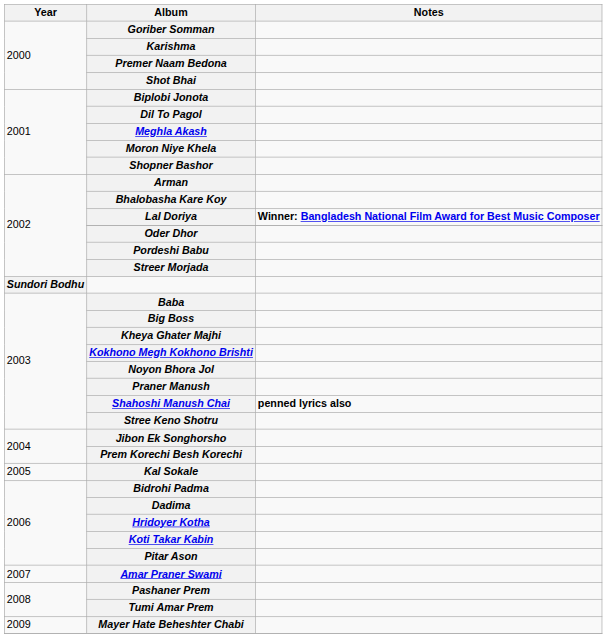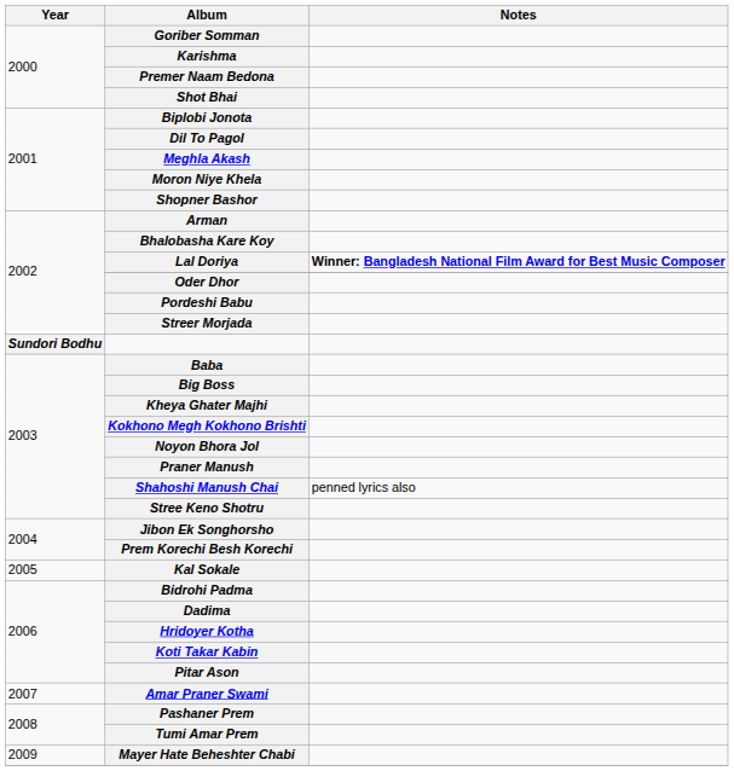 <table class="wikitable sortable">
 <tr>
 <th>Year</th>
 <th>Album</th>
 <th>Notes</th>
 </tr>
 <tr>
 <td rowspan=4>2000</td>
 <th><em>Goriber Somman</em></th>
 <td></td>
 </tr>
 <tr>
 <th><em>Karishma</em></th>
 <td></td>
 </tr>
 <tr>
 <th><em>Premer Naam Bedona</em></th>
 <td></td>
 </tr>
 <tr>
 <th><em>Shot Bhai</em></th>
 <td></td>
 </tr>
 <tr>
 <td rowspan=5>2001</td>
 <th><em>Biplobi Jonota</em></th>
 <td></td>
 </tr>
 <tr>
 <th><em>Dil To Pagol</em></th>
 <td></td>
 </tr>
 <tr>
 <th><em><a href='#'>Meghla Akash</a></em></th>
 <td></td>
 </tr>
 <tr>
 <th><em>Moron Niye Khela</em></th>
 <td></td>
 </tr>
 <tr>
 <th><em>Shopner Bashor</em></th>
 <td></td>
 </tr>
 <tr>
 <td rowspan=7>2002</td>
 <th><em>Arman</em></th>
 <td></td>
 </tr>
 <tr>
 <th><em>Bhalobasha Kare Koy</em></th>
 <td></td>
 </tr>
 <tr>
 <th><em>Lal Doriya</em></th>
 <td><strong>Winner: <a href='#'>Bangladesh National Film Award for Best Music Composer</a></strong> </td>
 </tr>
 <tr>
 </tr>
 <tr>
 <th><em>Oder Dhor</em></th>
 <td></td>
 </tr>
 <tr>
 <th><em>Pordeshi Babu</em></th>
 <td></td>
 </tr>
 <tr>
 <th><em>Streer Morjada</em></th>
 <td></td>
 </tr>
 <tr>
 <th><em>Sundori Bodhu</em></th>
 <td></td>
 </tr>
 <tr>
 <td rowspan=8>2003</td>
 <th><em>Baba</em> </th>
 <td></td>
 </tr>
 <tr>
 <th><em>Big Boss</em></th>
 <td></td>
 </tr>
 <tr>
 <th rowspan=1><em>Kheya Ghater Majhi</em></th>
 <td></td>
 </tr>
 <tr>
 <th><em><a href='#'>Kokhono Megh Kokhono Brishti</a></em></th>
 <td></td>
 </tr>
 <tr>
 <th><em>Noyon Bhora Jol</em></th>
 <td></td>
 </tr>
 <tr>
 <th><em>Praner Manush</em></th>
 <td></td>
 </tr>
 <tr>
 <th><em><a href='#'>Shahoshi Manush Chai</a></em> </th>
-<td><strong>penned lyrics also</strong></td>
+<td>penned lyrics also</td>
 </tr>
 <tr>
 <th><em>Stree Keno Shotru</em></th>
 <td></td>
 </tr>
 <tr>
 <td rowspan=2>2004</td>
 <th><em>Jibon Ek Songhorsho</em></th>
 <td></td>
 </tr>
 <tr>
 <th><em>Prem Korechi Besh Korechi</em></th>
 <td></td>
 </tr>
 <tr>
 <td>2005</td>
 <th><em>Kal Sokale</em></th>
 <td></td>
 </tr>
 <tr>
 <td rowspan=5>2006</td>
 <th><em>Bidrohi Padma</em></th>
 <td></td>
 </tr>
 <tr>
 <th><em>Dadima</em></th>
 <td></td>
 </tr>
 <tr>
 <th><em><a href='#'>Hridoyer Kotha</a></em></th>
 <td></td>
 </tr>
 <tr>
 <th><em><a href='#'>Koti Takar Kabin</a></em> </th>
 <td></td>
 </tr>
 <tr>
 <th><em>Pitar Ason</em></th>
 <td></td>
 </tr>
 <tr>
 <td rowspan=1>2007</td>
 <th><em><a href='#'>Amar Praner Swami</a></em></th>
 <td></td>
 </tr>
 <tr>
 <td rowspan=2>2008</td>
 <th><em>Pashaner Prem</em></th>
 <td></td>
 </tr>
 <tr>
 <th><em>Tumi Amar Prem</em> </th>
 <td></td>
 </tr>
 <tr>
 <td>2009</td>
 <th><em>Mayer Hate Beheshter Chabi</em></th>
 <td></td>
 </tr>
 <tr>
 </tr>
 </table>
